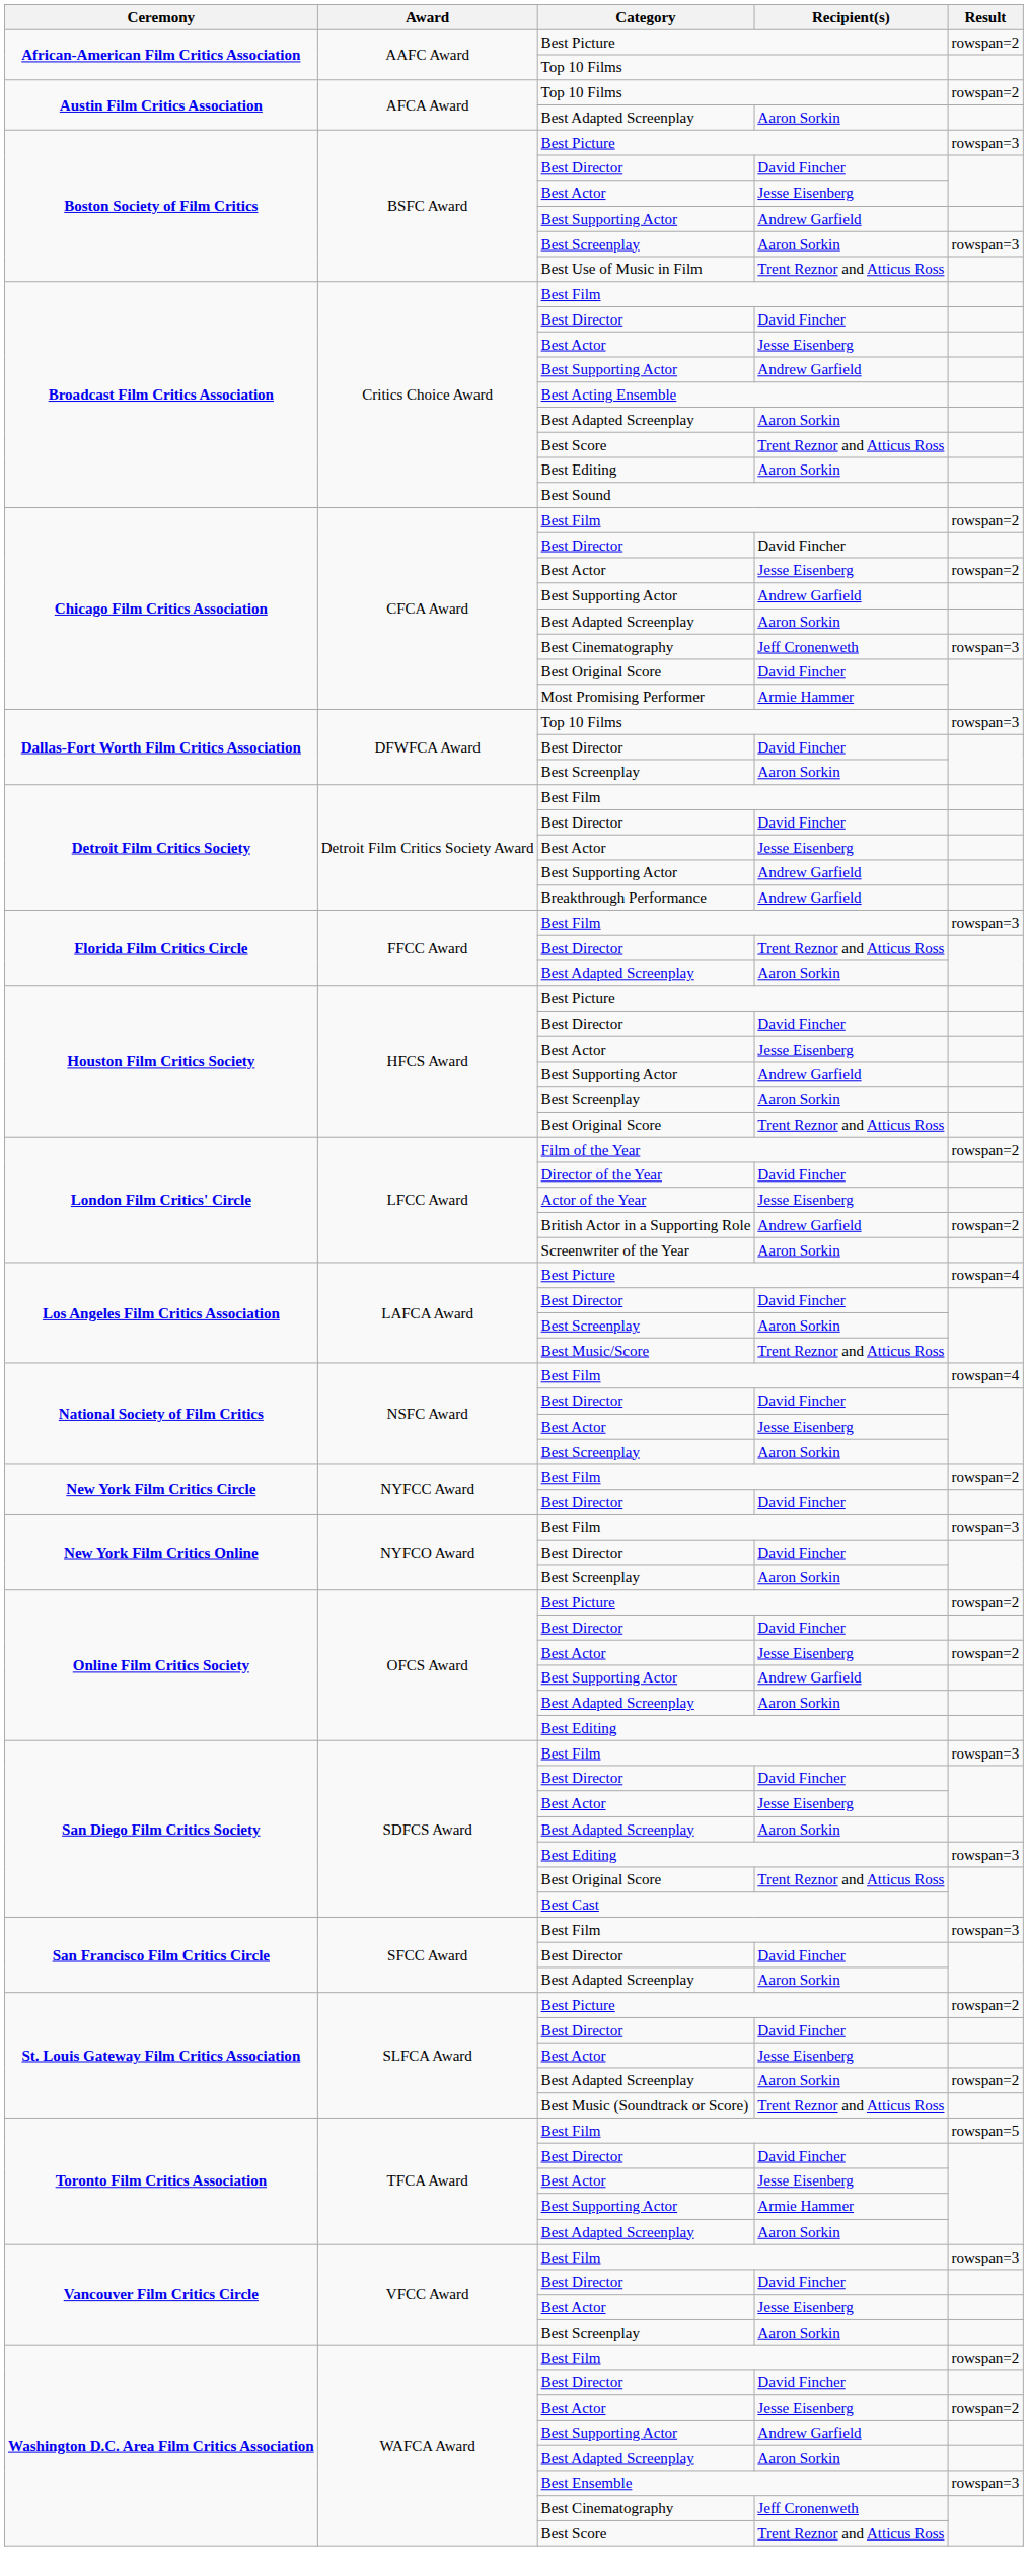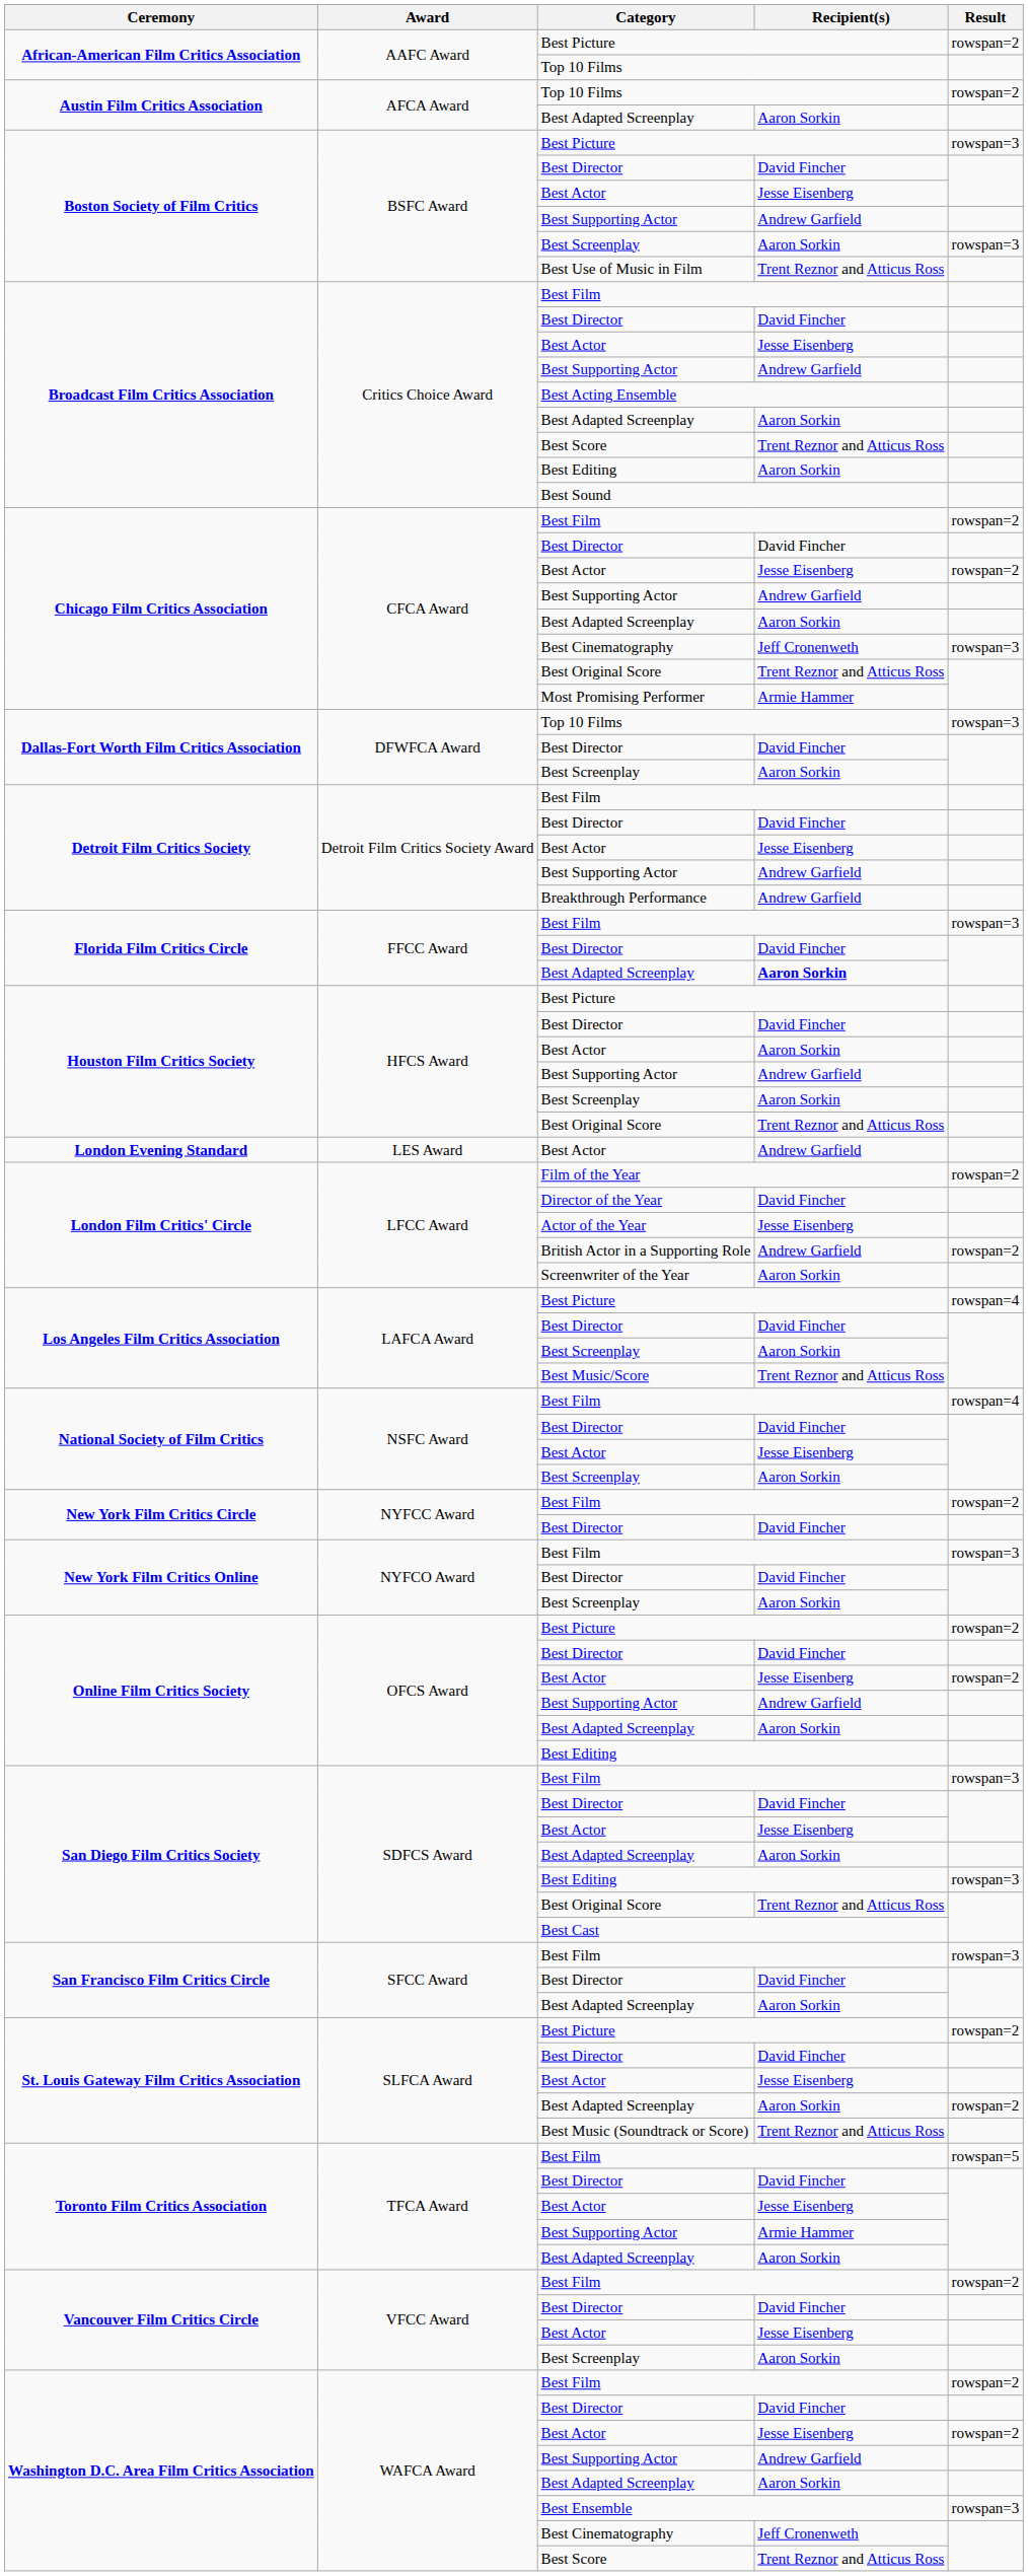 <table class="wikitable" style="font-size:95%;">
 <tr>
 </tr>
 <tr>
 <th>Ceremony</th>
 <th>Award</th>
 <th>Category</th>
 <th>Recipient(s)</th>
 <th>Result</th>
 </tr>
 <tr>
 <td rowspan="2" style="text-align:center;"><strong><a href='#'>African-American Film Critics Association</a></strong></td>
 <td rowspan="2" style="text-align:center;">AAFC Award</td>
 <td colspan=2>Best Picture</td>
 <td>rowspan=2 </td>
 </tr>
 <tr>
 <td colspan=2>Top 10 Films</td>
 </tr>
 <tr>
 <td rowspan="2" style="text-align:center;"><strong><a href='#'>Austin Film Critics Association</a></strong></td>
 <td rowspan="2" style="text-align:center;">AFCA Award</td>
 <td colspan=2>Top 10 Films</td>
 <td>rowspan=2 </td>
 </tr>
 <tr>
 <td>Best Adapted Screenplay</td>
 <td><a href='#'>Aaron Sorkin</a></td>
 </tr>
 <tr>
 <td rowspan="6" style="text-align:center;"><strong><a href='#'>Boston Society of Film Critics</a></strong></td>
 <td rowspan="6" style="text-align:center;">BSFC Award</td>
 <td colspan=2><a href='#'>Best Picture</a></td>
 <td>rowspan=3 </td>
 </tr>
 <tr>
 <td><a href='#'>Best Director</a></td>
 <td><a href='#'>David Fincher</a></td>
 </tr>
 <tr>
 <td><a href='#'>Best Actor</a></td>
 <td><a href='#'>Jesse Eisenberg</a></td>
 </tr>
 <tr>
 <td><a href='#'>Best Supporting Actor</a></td>
 <td><a href='#'>Andrew Garfield</a></td>
 <td></td>
 </tr>
 <tr>
 <td><a href='#'>Best Screenplay</a></td>
 <td><a href='#'>Aaron Sorkin</a></td>
 <td>rowspan=3 </td>
 </tr>
 <tr>
 <td>Best Use of Music in Film</td>
 <td><a href='#'>Trent Reznor</a> and <a href='#'>Atticus Ross</a></td>
 </tr>
 <tr>
 <td rowspan="9" style="text-align:center;"><strong><a href='#'>Broadcast Film Critics Association</a></strong></td>
 <td rowspan="9" style="text-align:center;">Critics Choice Award</td>
 <td colspan=2><a href='#'>Best Film</a></td>
 <td></td>
 </tr>
 <tr>
 <td><a href='#'>Best Director</a></td>
 <td><a href='#'>David Fincher</a></td>
 <td></td>
 </tr>
 <tr>
 <td><a href='#'>Best Actor</a></td>
 <td><a href='#'>Jesse Eisenberg</a></td>
 <td></td>
 </tr>
 <tr>
 <td><a href='#'>Best Supporting Actor</a></td>
 <td><a href='#'>Andrew Garfield</a></td>
 <td></td>
 </tr>
 <tr>
 <td colspan=2><a href='#'>Best Acting Ensemble</a></td>
 <td></td>
 </tr>
 <tr>
 <td>Best Adapted Screenplay</td>
 <td><a href='#'>Aaron Sorkin</a></td>
 <td></td>
 </tr>
 <tr>
 <td>Best Score</td>
 <td><a href='#'>Trent Reznor</a> and <a href='#'>Atticus Ross</a></td>
 <td></td>
 </tr>
 <tr>
 <td>Best Editing</td>
 <td><a href='#'>Aaron Sorkin</a></td>
 <td></td>
 </tr>
 <tr>
 <td colspan=2>Best Sound</td>
 <td></td>
 </tr>
 <tr>
 <td rowspan="8" style="text-align:center;"><strong><a href='#'>Chicago Film Critics Association</a></strong></td>
 <td rowspan="8" style="text-align:center;">CFCA Award</td>
 <td colspan=2><a href='#'>Best Film</a></td>
 <td>rowspan=2 </td>
 </tr>
 <tr>
 <td><a href='#'>Best Director</a></td>
 <td>David Fincher</td>
 </tr>
 <tr>
 <td>Best Actor</td>
 <td><a href='#'>Jesse Eisenberg</a></td>
 <td>rowspan=2 </td>
 </tr>
 <tr>
 <td>Best Supporting Actor</td>
 <td><a href='#'>Andrew Garfield</a></td>
 </tr>
 <tr>
 <td>Best Adapted Screenplay</td>
 <td><a href='#'>Aaron Sorkin</a></td>
 <td></td>
 </tr>
 <tr>
 <td>Best Cinematography</td>
 <td><a href='#'>Jeff Cronenweth</a></td>
 <td>rowspan=3 </td>
 </tr>
 <tr>
 <td>Best Original Score</td>
-<td><a href='#'>David Fincher</a></td>
+<td><a href='#'>Trent Reznor</a> and <a href='#'>Atticus Ross</a></td>
 </tr>
 <tr>
 <td>Most Promising Performer</td>
 <td><a href='#'>Armie Hammer</a></td>
 </tr>
 <tr>
 <td rowspan="3" style="text-align:center;"><strong><a href='#'>Dallas-Fort Worth Film Critics Association</a></strong></td>
 <td rowspan="3" style="text-align:center;">DFWFCA Award</td>
 <td colspan=2>Top 10 Films</td>
 <td>rowspan=3 </td>
 </tr>
 <tr>
 <td>Best Director</td>
 <td><a href='#'>David Fincher</a></td>
 </tr>
 <tr>
 <td>Best Screenplay</td>
 <td><a href='#'>Aaron Sorkin</a></td>
 </tr>
 <tr>
 <td rowspan="5" style="text-align:center;"><strong><a href='#'>Detroit Film Critics Society</a></strong></td>
 <td rowspan="5" style="text-align:center;">Detroit Film Critics Society Award</td>
 <td colspan=2>Best Film</td>
 <td></td>
 </tr>
 <tr>
 <td>Best Director</td>
 <td><a href='#'>David Fincher</a></td>
 <td></td>
 </tr>
 <tr>
 <td>Best Actor</td>
 <td><a href='#'>Jesse Eisenberg</a></td>
 <td></td>
 </tr>
 <tr>
 <td>Best Supporting Actor</td>
 <td><a href='#'>Andrew Garfield</a></td>
 <td></td>
 </tr>
 <tr>
 <td>Breakthrough Performance</td>
 <td><a href='#'>Andrew Garfield</a></td>
 <td></td>
 </tr>
 <tr>
 <td rowspan="3" style="text-align:center;"><strong><a href='#'>Florida Film Critics Circle</a></strong></td>
 <td rowspan="3" style="text-align:center;">FFCC Award</td>
 <td colspan=2><a href='#'>Best Film</a></td>
 <td>rowspan=3 </td>
 </tr>
 <tr>
 <td><a href='#'>Best Director</a></td>
-<td><a href='#'>Trent Reznor</a> and <a href='#'>Atticus Ross</a></td>
+<td><a href='#'>David Fincher</a></td>
 </tr>
 <tr>
 <td><a href='#'>Best Adapted Screenplay</a></td>
-<td><a href='#'>Aaron Sorkin</a></td>
+<td><strong><a href='#'>Aaron Sorkin</a></strong></td>
 </tr>
 <tr>
 <td rowspan="6" style="text-align:center;"><strong><a href='#'>Houston Film Critics Society</a></strong></td>
 <td rowspan="6" style="text-align:center;">HFCS Award</td>
 <td colspan=2>Best Picture</td>
 <td></td>
 </tr>
 <tr>
 <td>Best Director</td>
 <td><a href='#'>David Fincher</a></td>
 <td></td>
 </tr>
 <tr>
 <td>Best Actor</td>
-<td><a href='#'>Jesse Eisenberg</a></td>
+<td><a href='#'>Aaron Sorkin</a></td>
 <td></td>
 </tr>
 <tr>
 <td>Best Supporting Actor</td>
 <td><a href='#'>Andrew Garfield</a></td>
 <td></td>
 </tr>
 <tr>
 <td>Best Screenplay</td>
 <td><a href='#'>Aaron Sorkin</a></td>
 <td></td>
 </tr>
 <tr>
 <td>Best Original Score</td>
 <td><a href='#'>Trent Reznor</a> and <a href='#'>Atticus Ross</a></td>
+<td></td>
+</tr>
+<tr>
+<td style="text-align:center;"><strong><a href='#'>London Evening Standard</a></strong></td>
+<td style="text-align:center;">LES Award</td>
+<td>Best Actor</td>
+<td><a href='#'>Andrew Garfield</a></td>
 <td></td>
 </tr>
 <tr>
 <td rowspan="5" style="text-align:center;"><strong><a href='#'>London Film Critics' Circle</a></strong></td>
 <td rowspan="5" style="text-align:center;">LFCC Award</td>
 <td colspan=2><a href='#'>Film of the Year</a></td>
 <td>rowspan=2 </td>
 </tr>
 <tr>
 <td><a href='#'>Director of the Year</a></td>
 <td><a href='#'>David Fincher</a></td>
 </tr>
 <tr>
 <td><a href='#'>Actor of the Year</a></td>
 <td><a href='#'>Jesse Eisenberg</a></td>
 <td></td>
 </tr>
 <tr>
 <td>British Actor in a Supporting Role</td>
 <td><a href='#'>Andrew Garfield</a></td>
 <td>rowspan=2 </td>
 </tr>
 <tr>
 <td>Screenwriter of the Year</td>
 <td><a href='#'>Aaron Sorkin</a></td>
 </tr>
 <tr>
 <td rowspan="4" style="text-align:center;"><strong><a href='#'>Los Angeles Film Critics Association</a></strong></td>
 <td rowspan="4" style="text-align:center;">LAFCA Award</td>
 <td colspan=2><a href='#'>Best Picture</a></td>
 <td>rowspan=4 </td>
 </tr>
 <tr>
 <td><a href='#'>Best Director</a></td>
 <td><a href='#'>David Fincher</a></td>
 </tr>
 <tr>
 <td><a href='#'>Best Screenplay</a></td>
 <td><a href='#'>Aaron Sorkin</a></td>
 </tr>
 <tr>
 <td><a href='#'>Best Music/Score</a></td>
 <td><a href='#'>Trent Reznor</a> and <a href='#'>Atticus Ross</a></td>
 </tr>
 <tr>
 <td rowspan="4" style="text-align:center;"><strong><a href='#'>National Society of Film Critics</a></strong></td>
 <td rowspan="4" style="text-align:center;">NSFC Award</td>
 <td colspan=2><a href='#'>Best Film</a></td>
 <td>rowspan=4 </td>
 </tr>
 <tr>
 <td><a href='#'>Best Director</a></td>
 <td><a href='#'>David Fincher</a></td>
 </tr>
 <tr>
 <td><a href='#'>Best Actor</a></td>
 <td><a href='#'>Jesse Eisenberg</a></td>
 </tr>
 <tr>
 <td><a href='#'>Best Screenplay</a></td>
 <td><a href='#'>Aaron Sorkin</a></td>
 </tr>
 <tr>
 <td rowspan="2" style="text-align:center;"><strong><a href='#'>New York Film Critics Circle</a></strong></td>
 <td rowspan="2" style="text-align:center;">NYFCC Award</td>
 <td colspan=2><a href='#'>Best Film</a></td>
 <td>rowspan=2 </td>
 </tr>
 <tr>
 <td><a href='#'>Best Director</a></td>
 <td><a href='#'>David Fincher</a></td>
 </tr>
 <tr>
 <td rowspan="3" style="text-align:center;"><strong><a href='#'>New York Film Critics Online</a></strong></td>
 <td rowspan="3" style="text-align:center;">NYFCO Award</td>
 <td colspan=2>Best Film</td>
 <td>rowspan=3 </td>
 </tr>
 <tr>
 <td>Best Director</td>
 <td><a href='#'>David Fincher</a></td>
 </tr>
 <tr>
 <td>Best Screenplay</td>
 <td><a href='#'>Aaron Sorkin</a></td>
 </tr>
 <tr>
 <td rowspan="6" style="text-align:center;"><strong><a href='#'>Online Film Critics Society</a></strong></td>
 <td rowspan="6" style="text-align:center;">OFCS Award</td>
 <td colspan=2><a href='#'>Best Picture</a></td>
 <td>rowspan=2 </td>
 </tr>
 <tr>
 <td><a href='#'>Best Director</a></td>
 <td><a href='#'>David Fincher</a></td>
 </tr>
 <tr>
 <td><a href='#'>Best Actor</a></td>
 <td><a href='#'>Jesse Eisenberg</a></td>
 <td>rowspan=2 </td>
 </tr>
 <tr>
 <td><a href='#'>Best Supporting Actor</a></td>
 <td><a href='#'>Andrew Garfield</a></td>
 </tr>
 <tr>
 <td><a href='#'>Best Adapted Screenplay</a></td>
 <td><a href='#'>Aaron Sorkin</a></td>
 <td></td>
 </tr>
 <tr>
 <td colspan=2><a href='#'>Best Editing</a></td>
 <td></td>
 </tr>
 <tr>
 <td rowspan="7" style="text-align:center;"><strong><a href='#'>San Diego Film Critics Society</a></strong></td>
 <td rowspan="7" style="text-align:center;">SDFCS Award</td>
 <td colspan=2><a href='#'>Best Film</a></td>
 <td>rowspan=3 </td>
 </tr>
 <tr>
 <td><a href='#'>Best Director</a></td>
 <td><a href='#'>David Fincher</a></td>
 </tr>
 <tr>
 <td><a href='#'>Best Actor</a></td>
 <td><a href='#'>Jesse Eisenberg</a></td>
 </tr>
 <tr>
 <td><a href='#'>Best Adapted Screenplay</a></td>
 <td><a href='#'>Aaron Sorkin</a></td>
 <td></td>
 </tr>
 <tr>
 <td colspan=2><a href='#'>Best Editing</a></td>
 <td>rowspan=3 </td>
 </tr>
 <tr>
 <td>Best Original Score</td>
 <td><a href='#'>Trent Reznor</a> and <a href='#'>Atticus Ross</a></td>
 </tr>
 <tr>
 <td colspan=2><a href='#'>Best Cast</a></td>
 </tr>
 <tr>
 <td rowspan="3" style="text-align:center;"><strong><a href='#'>San Francisco Film Critics Circle</a></strong></td>
 <td rowspan="3" style="text-align:center;">SFCC Award</td>
 <td colspan=2>Best Film</td>
 <td>rowspan=3 </td>
 </tr>
 <tr>
 <td>Best Director</td>
 <td><a href='#'>David Fincher</a></td>
 </tr>
 <tr>
 <td>Best Adapted Screenplay</td>
 <td><a href='#'>Aaron Sorkin</a></td>
 </tr>
 <tr>
 <td rowspan="5" style="text-align:center;"><strong><a href='#'>St. Louis Gateway Film Critics Association</a></strong></td>
 <td rowspan="5" style="text-align:center;">SLFCA Award</td>
 <td colspan=2><a href='#'>Best Picture</a></td>
 <td>rowspan=2 </td>
 </tr>
 <tr>
 <td><a href='#'>Best Director</a></td>
 <td><a href='#'>David Fincher</a></td>
 </tr>
 <tr>
 <td><a href='#'>Best Actor</a></td>
 <td><a href='#'>Jesse Eisenberg</a></td>
 <td></td>
 </tr>
 <tr>
 <td>Best Adapted Screenplay</td>
 <td><a href='#'>Aaron Sorkin</a></td>
 <td>rowspan=2 </td>
 </tr>
 <tr>
 <td>Best Music (Soundtrack or Score)</td>
 <td><a href='#'>Trent Reznor</a> and <a href='#'>Atticus Ross</a></td>
 </tr>
 <tr>
 <td rowspan="5" style="text-align:center;"><strong><a href='#'>Toronto Film Critics Association</a></strong></td>
 <td rowspan="5" style="text-align:center;">TFCA Award</td>
 <td colspan=2><a href='#'>Best Film</a></td>
 <td>rowspan=5 </td>
 </tr>
 <tr>
 <td><a href='#'>Best Director</a></td>
 <td><a href='#'>David Fincher</a></td>
 </tr>
 <tr>
 <td><a href='#'>Best Actor</a></td>
 <td><a href='#'>Jesse Eisenberg</a></td>
 </tr>
 <tr>
 <td><a href='#'>Best Supporting Actor</a></td>
 <td><a href='#'>Armie Hammer</a></td>
 </tr>
 <tr>
 <td><a href='#'>Best Adapted Screenplay</a></td>
 <td><a href='#'>Aaron Sorkin</a></td>
 </tr>
 <tr>
 <td rowspan="4" style="text-align:center;"><strong><a href='#'>Vancouver Film Critics Circle</a></strong></td>
 <td rowspan="4" style="text-align:center;">VFCC Award</td>
 <td colspan=2><a href='#'>Best Film</a></td>
-<td>rowspan=3 </td>
+<td>rowspan=2 </td>
 </tr>
 <tr>
 <td><a href='#'>Best Director</a></td>
 <td><a href='#'>David Fincher</a></td>
 </tr>
 <tr>
 <td><a href='#'>Best Actor</a></td>
 <td><a href='#'>Jesse Eisenberg</a></td>
 <td></td>
 </tr>
 <tr>
 <td>Best Screenplay</td>
 <td><a href='#'>Aaron Sorkin</a></td>
 <td></td>
 </tr>
 <tr>
 <td rowspan="8" style="text-align:center;"><strong><a href='#'>Washington D.C. Area Film Critics Association</a></strong></td>
 <td rowspan="8" style="text-align:center;">WAFCA Award</td>
 <td colspan=2><a href='#'>Best Film</a></td>
 <td>rowspan=2 </td>
 </tr>
 <tr>
 <td><a href='#'>Best Director</a></td>
 <td><a href='#'>David Fincher</a></td>
 </tr>
 <tr>
 <td><a href='#'>Best Actor</a></td>
 <td><a href='#'>Jesse Eisenberg</a></td>
 <td>rowspan=2 </td>
 </tr>
 <tr>
 <td><a href='#'>Best Supporting Actor</a></td>
 <td><a href='#'>Andrew Garfield</a></td>
 </tr>
 <tr>
 <td><a href='#'>Best Adapted Screenplay</a></td>
 <td><a href='#'>Aaron Sorkin</a></td>
 <td></td>
 </tr>
 <tr>
 <td colspan=2><a href='#'>Best Ensemble</a></td>
 <td>rowspan=3 </td>
 </tr>
 <tr>
 <td>Best Cinematography</td>
 <td><a href='#'>Jeff Cronenweth</a></td>
 </tr>
 <tr>
 <td>Best Score</td>
 <td><a href='#'>Trent Reznor</a> and <a href='#'>Atticus Ross</a></td>
 </tr>
 </table>
